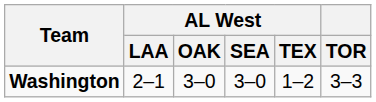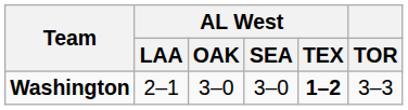 <table class="wikitable" style="text-align:center; font-size: 95%;">
 <tr>
 <th rowspan=2>Team</th>
 <th colspan=4>AL West</th>
 <th> </th>
 </tr>
 <tr>
 <th><strong>LAA</strong></th>
 <th><strong>OAK</strong></th>
 <th><strong>SEA</strong></th>
 <th><strong>TEX</strong></th>
 <th><strong>TOR</strong></th>
 </tr>
 <tr>
 <td><strong>Washington</strong></td>
 <td>2–1</td>
 <td>3–0</td>
 <td>3–0</td>
-<td>1–2</td>
+<td><strong>1–2</strong></td>
 <td>3–3</td>
 </tr>
 </table>
